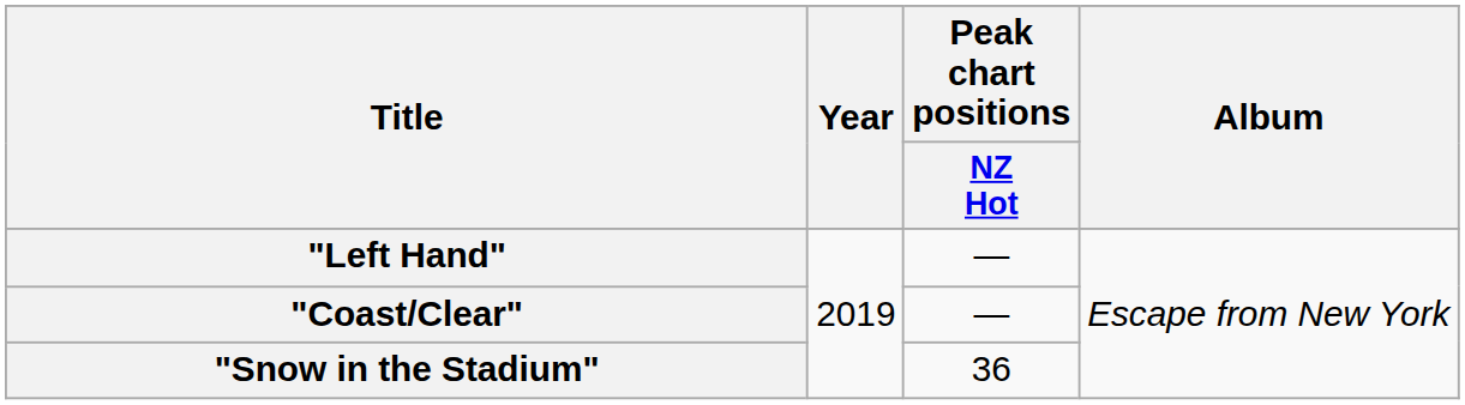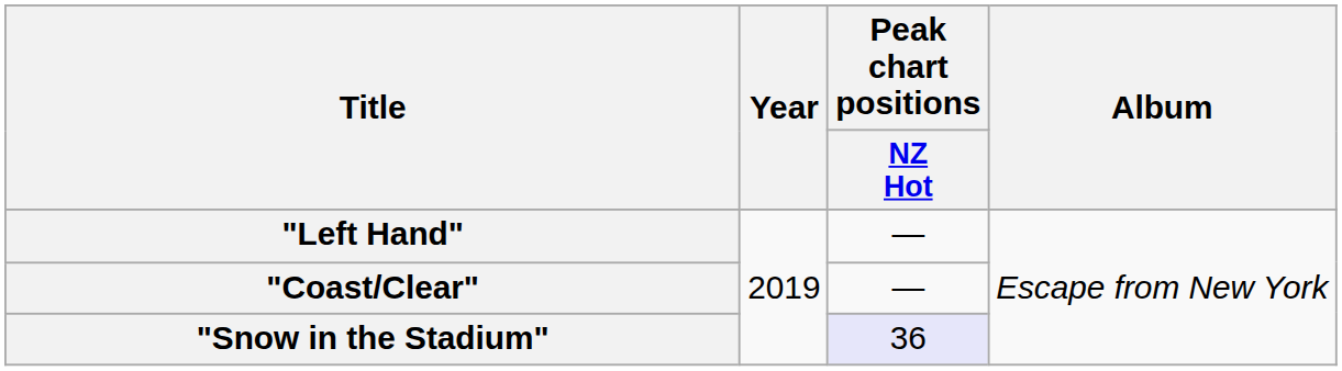 <table class="wikitable plainrowheaders" style="text-align:center;">
 <tr>
 <th scope="col" rowspan="2" style="width:22em;">Title</th>
 <th scope="col" rowspan="2" style="width:1em;">Year</th>
 <th scope="col" colspan="1">Peak chart positions</th>
 <th scope="col" rowspan="2">Album</th>
 </tr>
 <tr>
 <th scope="col" style="width:2.5em;font-size:90%;"><a href='#'>NZ<br>Hot</a><br></th>
 </tr>
 <tr>
 <th scope="row">"Left Hand"<br></th>
 <td rowspan="3">2019</td>
 <td>—</td>
 <td rowspan="3"><em>Escape from New York</em></td>
 </tr>
 <tr>
 <th scope="row">"Coast/Clear"<br></th>
 <td>—</td>
 </tr>
 <tr>
 <th scope="row">"Snow in the Stadium"<br></th>
-<td>36</td>
+<td style="background: lavender;">36</td>
 </tr>
 </table>
